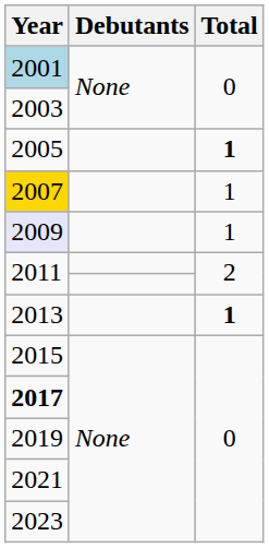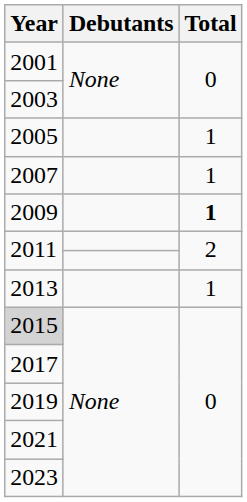 <table class="wikitable">
 <tr>
 <th>Year</th>
 <th>Debutants</th>
 <th>Total</th>
 </tr>
 <tr>
-<td style="background: lightblue;">2001</td>
+<td>2001</td>
 <td rowspan=2><em>None</em></td>
 <td rowspan=2 align=center>0</td>
 </tr>
 <tr>
 <td>2003</td>
 </tr>
 <tr>
 <td>2005</td>
 <td></td>
-<td align=center><strong>1</strong></td>
+<td align=center>1</td>
 </tr>
 <tr>
-<td style="background: gold;">2007</td>
+<td>2007</td>
 <td></td>
 <td align=center>1</td>
 </tr>
 <tr>
-<td style="background: lavender;">2009</td>
+<td>2009</td>
 <td></td>
-<td align=center>1</td>
+<td align=center><strong>1</strong></td>
 </tr>
 <tr>
 <td rowspan=2>2011</td>
 <td></td>
 <td rowspan=2 align=center>2</td>
 </tr>
 <tr>
 <td></td>
 </tr>
 <tr>
 <td>2013</td>
 <td></td>
-<td align=center><strong>1</strong></td>
+<td align=center>1</td>
 </tr>
 <tr>
-<td>2015</td>
+<td style="background: lightgrey;">2015</td>
 <td rowspan=5><em>None</em></td>
 <td rowspan=5 align=center>0</td>
 </tr>
 <tr>
-<td><strong>2017</strong></td>
+<td>2017</td>
 </tr>
 <tr>
 <td>2019</td>
 </tr>
 <tr>
 <td>2021</td>
 </tr>
 <tr>
 <td>2023</td>
 </tr>
 </table>
